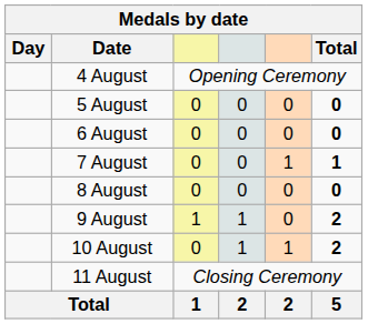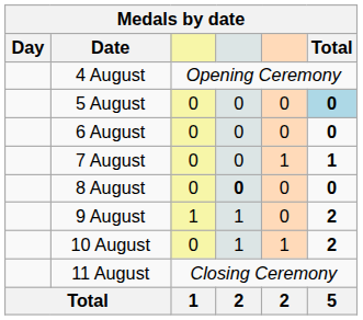 <table class="wikitable" style="font-size:90%; text-align:center">
 <tr style="background:#efefef;">
 <th colspan=6><strong>Medals by date</strong></th>
 </tr>
 <tr>
 <th width=30><strong>Day</strong></th>
 <th width=90><strong>Date</strong></th>
 <th width=30 style="background:#F7F6A8;"></th>
 <th width=30 style="background:#DCE5E5;"></th>
 <th width=30 style="background:#FFDAB9;"></th>
 <th width=30><strong>Total</strong></th>
 </tr>
 <tr>
 <td></td>
 <td>4 August</td>
 <td colspan="4" style="text-align:left center ;"><em>Opening Ceremony</em></td>
 </tr>
 <tr>
 <td></td>
 <td>5 August</td>
 <td style="background:#F7F6A8;">0</td>
 <td style="background:#DCE5E5;">0</td>
 <td style="background:#FFDAB9;">0</td>
-<td><strong>0</strong></td>
+<td style="background: lightblue;"><strong>0</strong></td>
 </tr>
 <tr>
 <td></td>
 <td>6 August</td>
 <td style="background:#F7F6A8;">0</td>
 <td style="background:#DCE5E5;">0</td>
 <td style="background:#FFDAB9;">0</td>
 <td><strong>0</strong></td>
 </tr>
 <tr>
 <td></td>
 <td>7 August</td>
 <td style="background:#F7F6A8;">0</td>
 <td style="background:#DCE5E5;">0</td>
 <td style="background:#FFDAB9;">1</td>
 <td><strong>1</strong></td>
 </tr>
 <tr>
 <td></td>
 <td>8 August</td>
 <td style="background:#F7F6A8;">0</td>
-<td style="background:#DCE5E5;">0</td>
+<td style="background:#DCE5E5;"><strong>0</strong></td>
 <td style="background:#FFDAB9;">0</td>
 <td><strong>0</strong></td>
 </tr>
 <tr>
 <td></td>
 <td>9 August</td>
 <td style="background:#F7F6A8;">1</td>
 <td style="background:#DCE5E5;">1</td>
 <td style="background:#FFDAB9;">0</td>
 <td><strong>2</strong></td>
 </tr>
 <tr>
 <td></td>
 <td>10 August</td>
 <td style="background:#F7F6A8;">0</td>
 <td style="background:#DCE5E5;">1</td>
 <td style="background:#FFDAB9;">1</td>
 <td><strong>2</strong></td>
 </tr>
 <tr>
 <td></td>
 <td>11 August</td>
 <td colspan="4" style="text-align:left center ;"><em>Closing Ceremony</em></td>
 </tr>
 <tr>
 <th colspan="2"><strong>Total</strong></th>
 <th>1</th>
 <th>2</th>
 <th>2</th>
 <th>5</th>
 </tr>
 </table>
